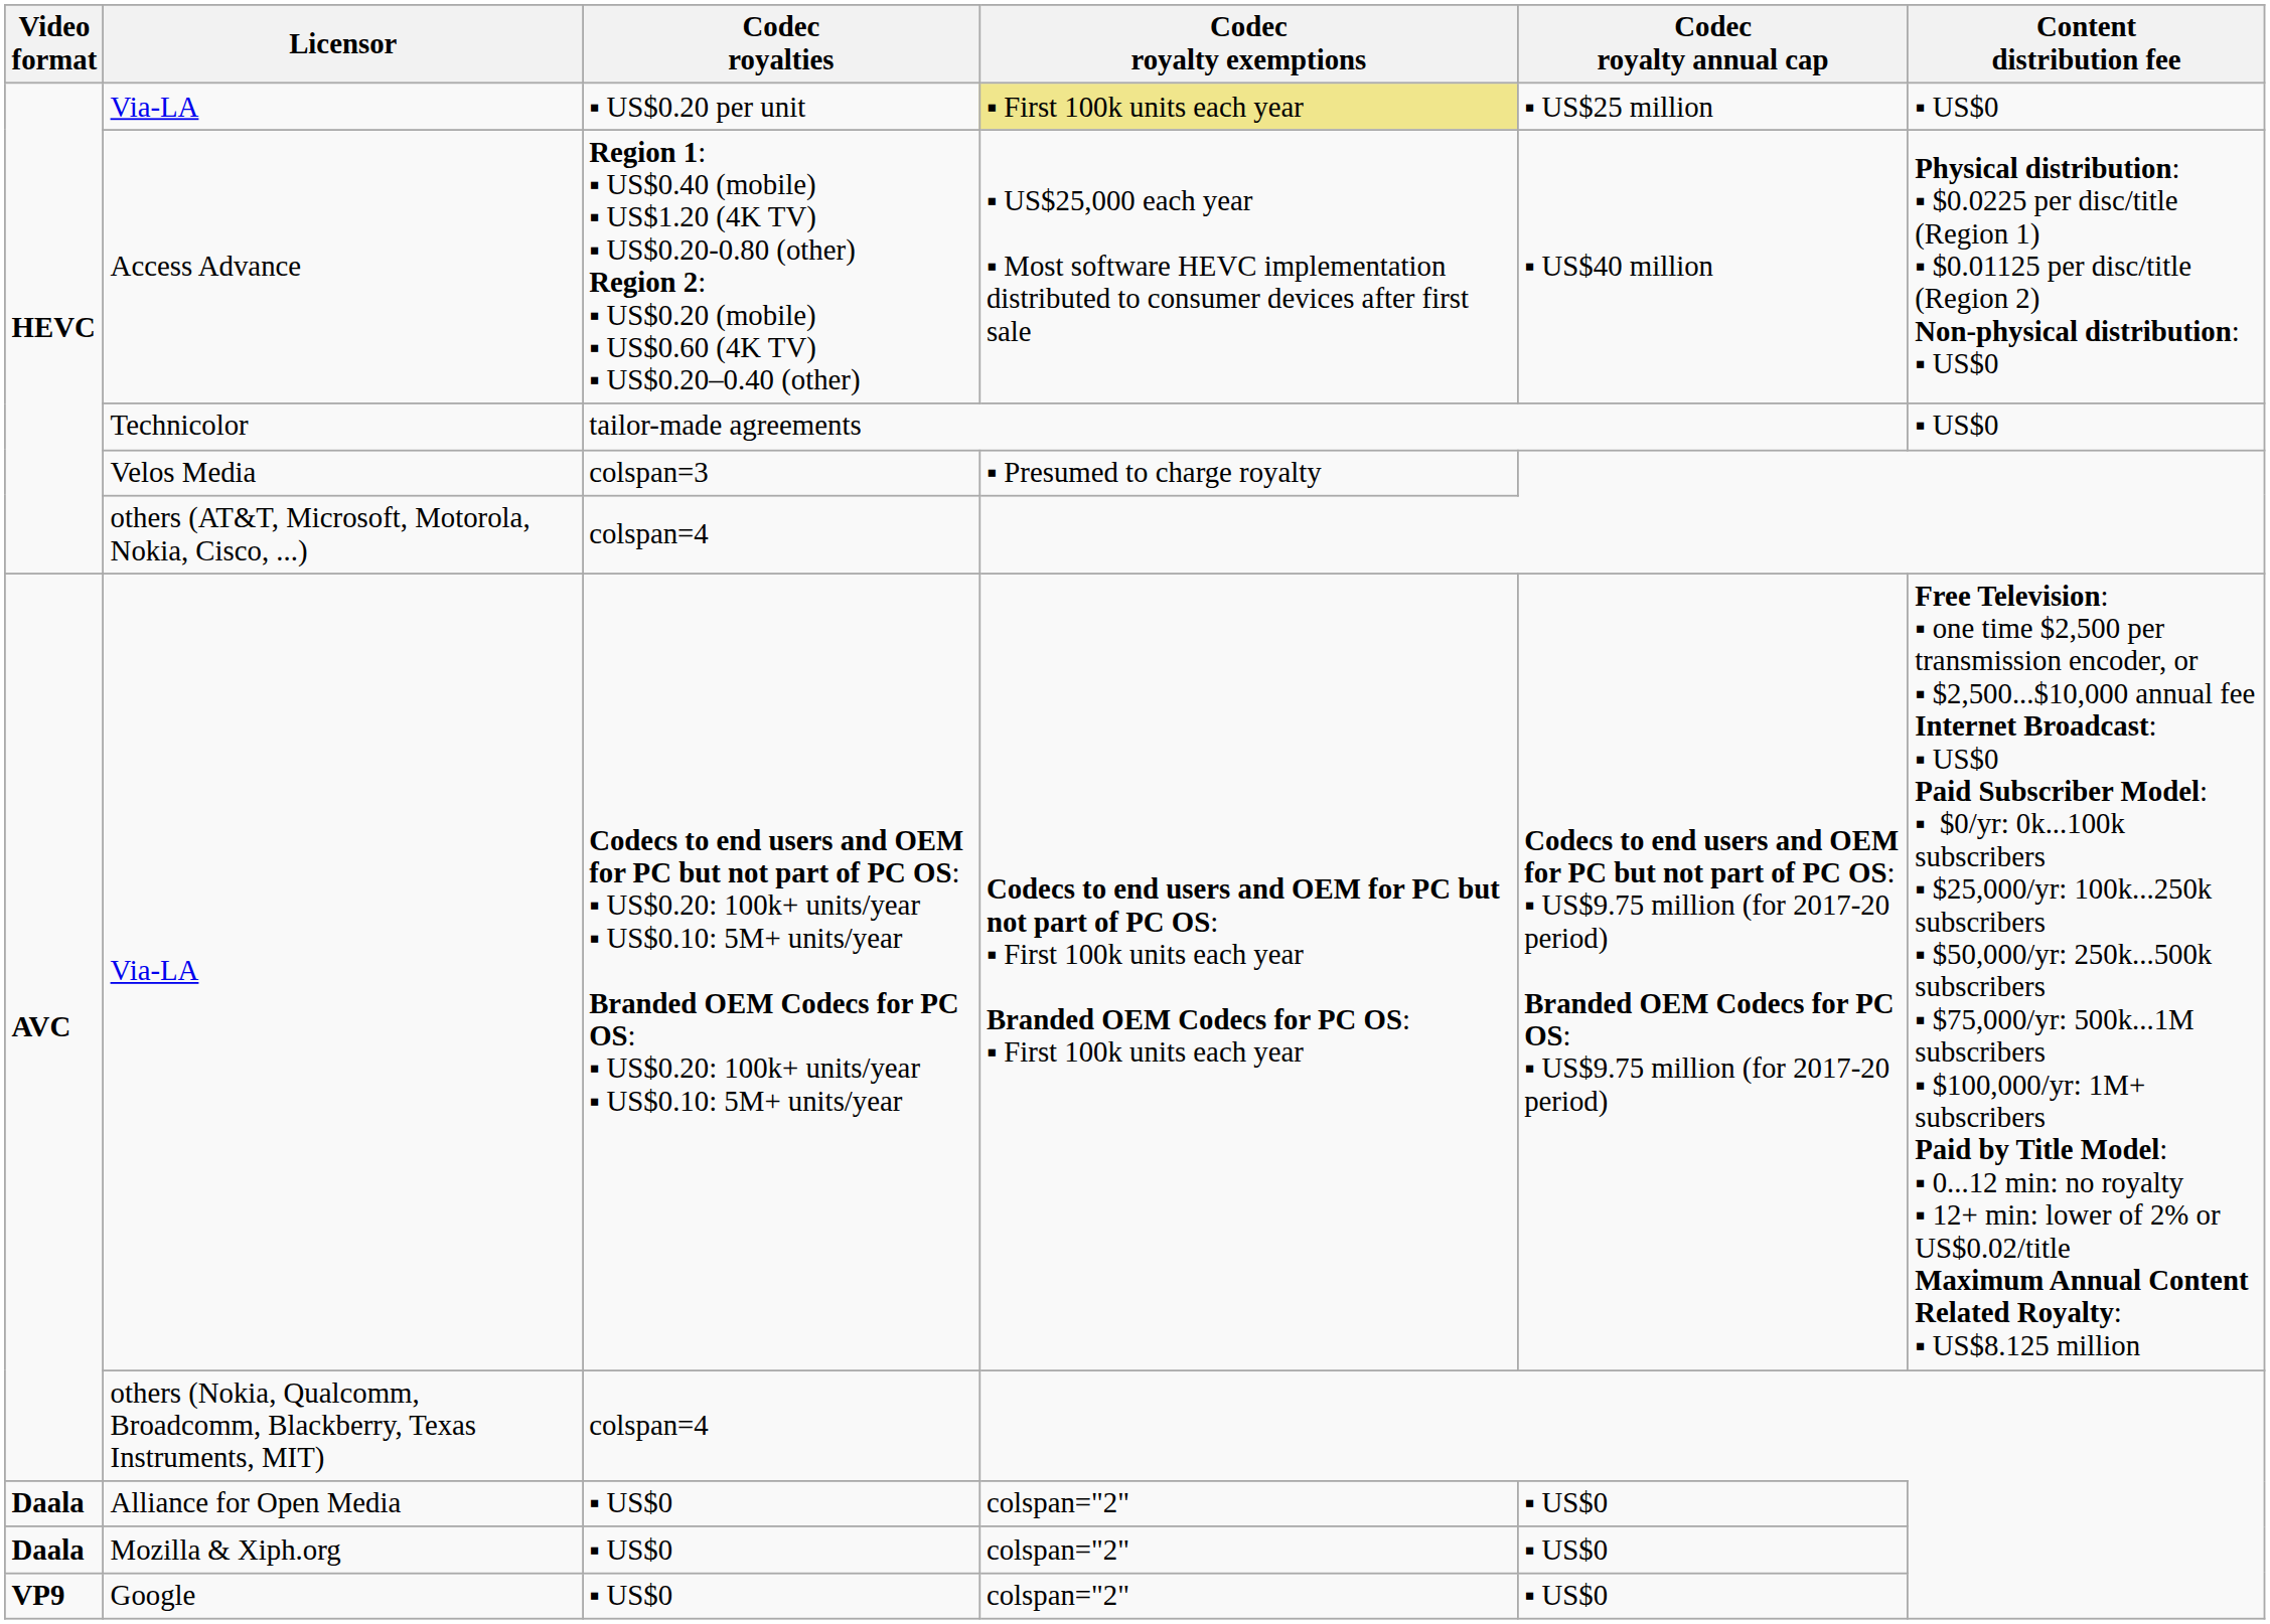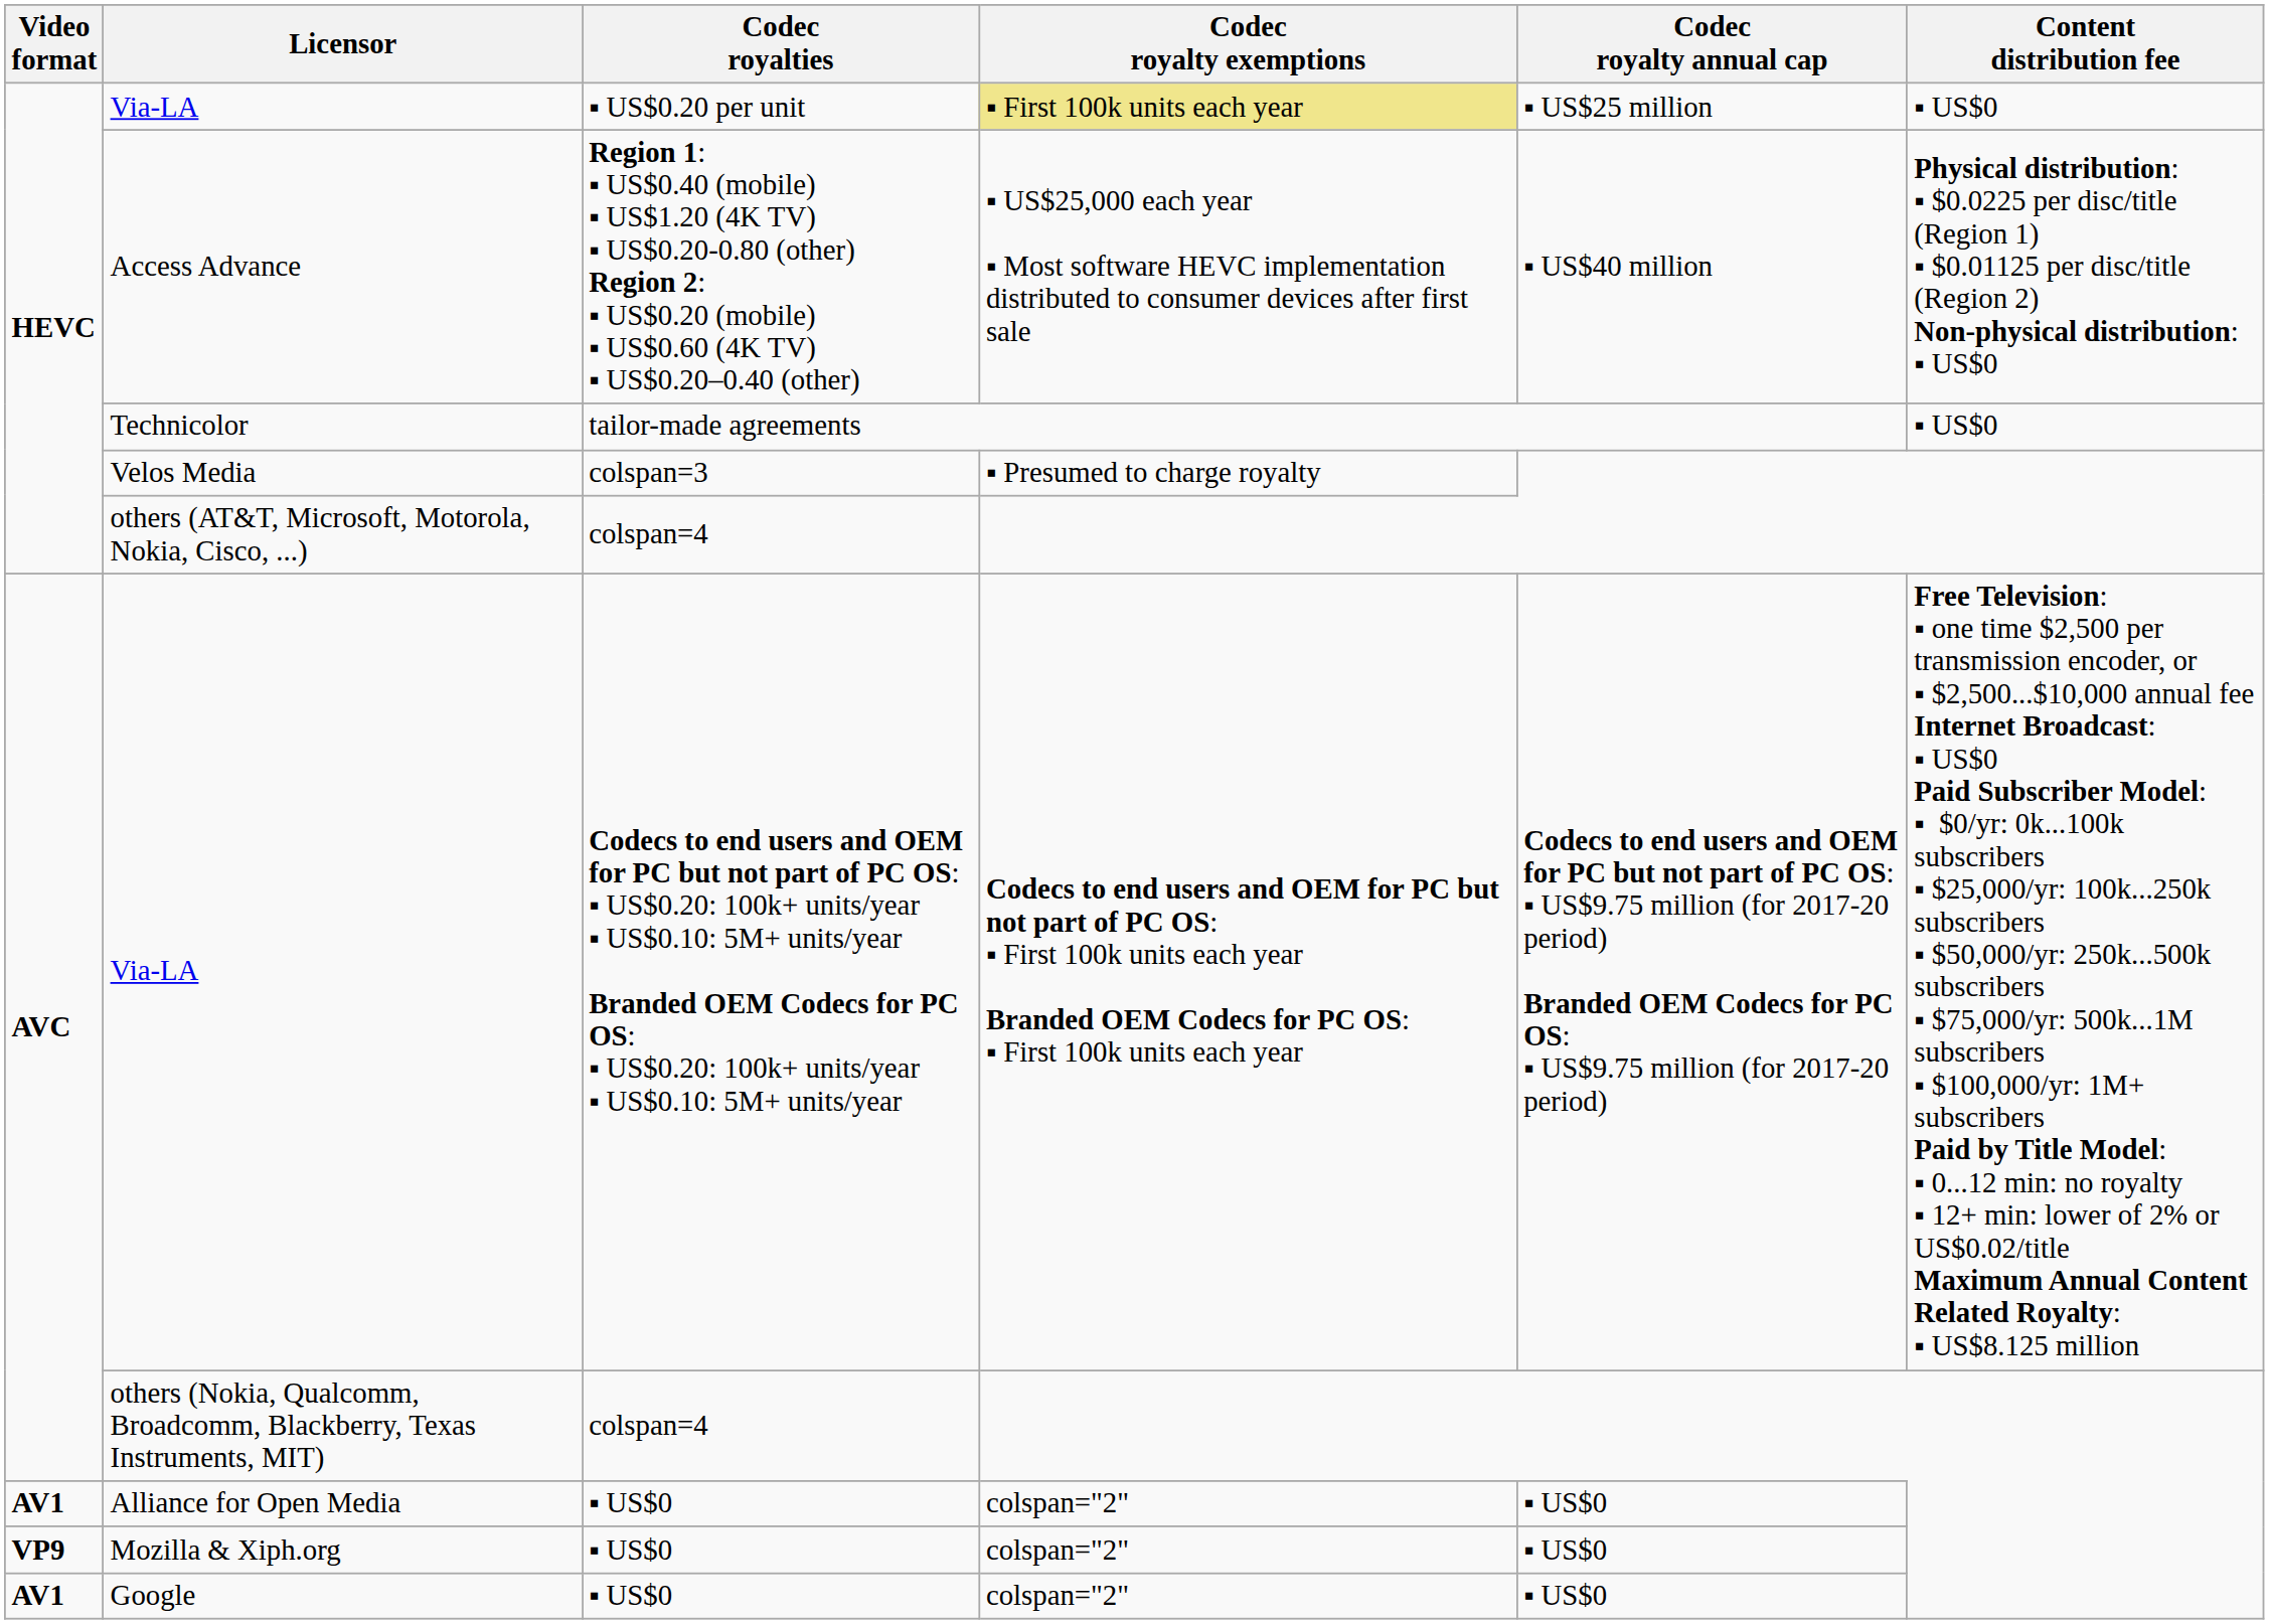 <table class="wikitable">
 <tr>
 <th>Video<br>format</th>
 <th>Licensor</th>
 <th>Codec<br>royalties</th>
 <th>Codec<br>royalty exemptions</th>
 <th>Codec<br>royalty annual cap</th>
 <th>Content<br>distribution fee</th>
 </tr>
 <tr>
 <td rowspan=5><strong>HEVC</strong></td>
 <td><a href='#'>Via-LA</a></td>
 <td>▪ US$0.20 per unit</td>
 <td style="background: khaki;">▪ First 100k units each year</td>
 <td>▪ US$25 million</td>
 <td>▪ US$0</td>
 </tr>
 <tr>
 <td>Access Advance</td>
 <td><strong>Region 1</strong>:<br>▪ US$0.40 (mobile)<br>▪ US$1.20 (4K TV)<br>▪ US$0.20-0.80 (other)<br><strong>Region 2</strong>:<br>▪ US$0.20 (mobile)<br>▪ US$0.60 (4K TV)<br>▪ US$0.20–0.40 (other)</td>
 <td>▪ US$25,000 each year<br><br> ▪ Most software HEVC implementation distributed to consumer devices after first sale</td>
 <td>▪ US$40 million</td>
 <td><strong>Physical distribution</strong>:<br> ▪ $0.0225 per disc/title (Region 1)<br> ▪ $0.01125 per disc/title (Region 2)<br> <strong>Non-physical distribution</strong>:<br> ▪ US$0</td>
 </tr>
 <tr>
 <td>Technicolor</td>
 <td colspan=3>tailor-made agreements</td>
 <td>▪ US$0</td>
 </tr>
 <tr>
 <td>Velos Media</td>
 <td>colspan=3 </td>
 <td>▪ Presumed to charge royalty</td>
 </tr>
 <tr>
 <td>others (AT&T, Microsoft, Motorola, Nokia, Cisco, ...)</td>
 <td>colspan=4 </td>
 </tr>
 <tr>
 <td rowspan=2><strong>AVC</strong></td>
 <td><a href='#'>Via-LA</a></td>
 <td><strong>Codecs to end users and OEM for PC but not part of PC OS</strong>:<br>▪ US$0.20: 100k+ units/year<br>▪ US$0.10: 5M+ units/year<br><br><strong>Branded OEM Codecs for PC OS</strong>:<br>▪ US$0.20: 100k+ units/year<br>▪ US$0.10: 5M+ units/year</td>
 <td><strong>Codecs to end users and OEM for PC but not part of PC OS</strong>:<br>▪ First 100k units each year<br><br><strong>Branded OEM Codecs for PC OS</strong>:<br>▪ First 100k units each year</td>
 <td><strong>Codecs to end users and OEM for PC but not part of PC OS</strong>:<br>▪ US$9.75 million (for 2017-20 period)<br><br><strong>Branded OEM Codecs for PC OS</strong>:<br>▪ US$9.75 million (for 2017-20 period)</td>
 <td><strong>Free Television</strong>:<br>▪ one time $2,500 per transmission encoder, or<br>▪ $2,500...$10,000 annual fee <br><strong>Internet Broadcast</strong>:<br> ▪ US$0<br><strong>Paid Subscriber Model</strong>:<br>▪  $0/yr: 0k...100k subscribers<br>▪ $25,000/yr: 100k...250k subscribers<br>▪ $50,000/yr: 250k...500k subscribers<br>▪ $75,000/yr: 500k...1M subscribers<br>▪ $100,000/yr: 1M+ subscribers<br><strong>Paid by Title Model</strong>:<br>▪ 0...12 min: no royalty<br>▪ 12+ min: lower of 2% or US$0.02/title<br><strong>Maximum Annual Content Related Royalty</strong>:<br>▪ US$8.125 million</td>
 </tr>
 <tr>
 <td>others (Nokia, Qualcomm, Broadcomm, Blackberry, Texas Instruments, MIT)</td>
 <td>colspan=4 </td>
 </tr>
 <tr>
-<td><strong>Daala</strong></td>
+<td><strong>AV1</strong></td>
 <td>Alliance for Open Media</td>
 <td>▪ US$0</td>
 <td>colspan="2" </td>
 <td>▪ US$0</td>
 </tr>
 <tr>
-<td><strong>Daala</strong></td>
+<td><strong>VP9</strong></td>
 <td>Mozilla & Xiph.org</td>
 <td>▪ US$0</td>
 <td>colspan="2" </td>
 <td>▪ US$0</td>
 </tr>
 <tr>
-<td><strong>VP9</strong></td>
+<td><strong>AV1</strong></td>
 <td>Google</td>
 <td>▪ US$0</td>
 <td>colspan="2" </td>
 <td>▪ US$0</td>
 </tr>
 </table>
